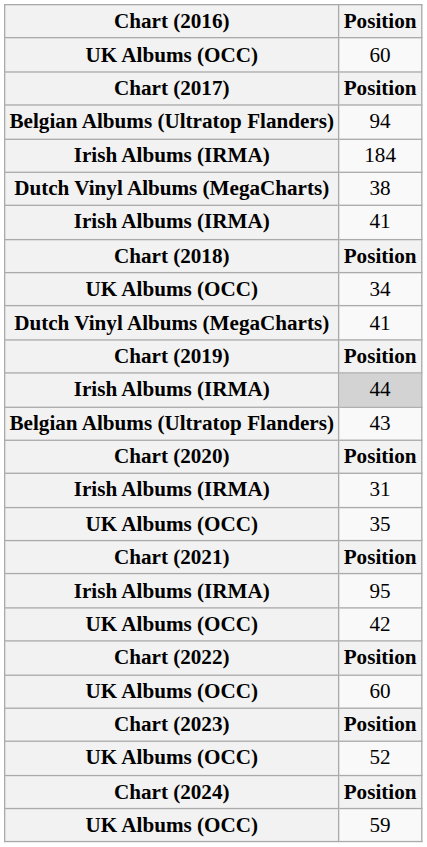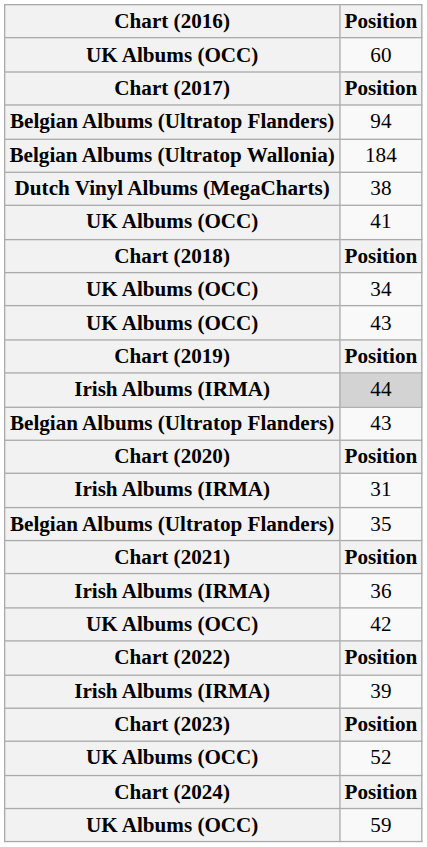 <table class="wikitable plainrowheaders" style="text-align:center">
 <tr>
 <th scope="col">Chart (2016)</th>
 <th scope="col">Position</th>
 </tr>
 <tr>
 <th scope="row">UK Albums (OCC)</th>
 <td>60</td>
 </tr>
 <tr>
 <th scope="col">Chart (2017)</th>
 <th scope="col">Position</th>
 </tr>
 <tr>
 <th scope="row">Belgian Albums (Ultratop Flanders)</th>
 <td>94</td>
 </tr>
 <tr>
-<th scope="row">Irish Albums (IRMA)</th>
+<th scope="row">Belgian Albums (Ultratop Wallonia)</th>
 <td>184</td>
 </tr>
 <tr>
 <th scope="row">Dutch Vinyl Albums (MegaCharts)</th>
 <td>38</td>
 </tr>
 <tr>
-<th scope="row">Irish Albums (IRMA)</th>
+<th scope="row">UK Albums (OCC)</th>
 <td>41</td>
 </tr>
 <tr>
 <th scope="col">Chart (2018)</th>
 <th scope="col">Position</th>
 </tr>
 <tr>
 <th scope="row">UK Albums (OCC)</th>
 <td>34</td>
 </tr>
 <tr>
-<th scope="row">Dutch Vinyl Albums (MegaCharts)</th>
-<td>41</td>
+<th scope="row">UK Albums (OCC)</th>
+<td>43</td>
 </tr>
 <tr>
 <th scope="col">Chart (2019)</th>
 <th scope="col">Position</th>
 </tr>
 <tr>
 <th scope="row">Irish Albums (IRMA)</th>
 <td style="background: lightgrey;">44</td>
 </tr>
 <tr>
 <th scope="row">Belgian Albums (Ultratop Flanders)</th>
 <td>43</td>
 </tr>
 <tr>
 <th scope="col">Chart (2020)</th>
 <th scope="col">Position</th>
 </tr>
 <tr>
 <th scope="row">Irish Albums (IRMA)</th>
 <td>31</td>
 </tr>
 <tr>
-<th scope="row">UK Albums (OCC)</th>
+<th scope="row">Belgian Albums (Ultratop Flanders)</th>
 <td>35</td>
 </tr>
 <tr>
 <th scope="col">Chart (2021)</th>
 <th scope="col">Position</th>
 </tr>
 <tr>
 <th scope="row">Irish Albums (IRMA)</th>
-<td>95</td>
+<td>36</td>
 </tr>
 <tr>
 <th scope="row">UK Albums (OCC)</th>
 <td>42</td>
 </tr>
 <tr>
 <th scope="col">Chart (2022)</th>
 <th scope="col">Position</th>
 </tr>
 <tr>
-<th scope="row">UK Albums (OCC)</th>
-<td>60</td>
+<th scope="row">Irish Albums (IRMA)</th>
+<td>39</td>
 </tr>
 <tr>
 <th scope="col">Chart (2023)</th>
 <th scope="col">Position</th>
 </tr>
 <tr>
 <th scope="row">UK Albums (OCC)</th>
 <td>52</td>
 </tr>
 <tr>
 <th scope="col">Chart (2024)</th>
 <th scope="col">Position</th>
 </tr>
 <tr>
 <th scope="row">UK Albums (OCC)</th>
 <td>59</td>
 </tr>
 </table>
